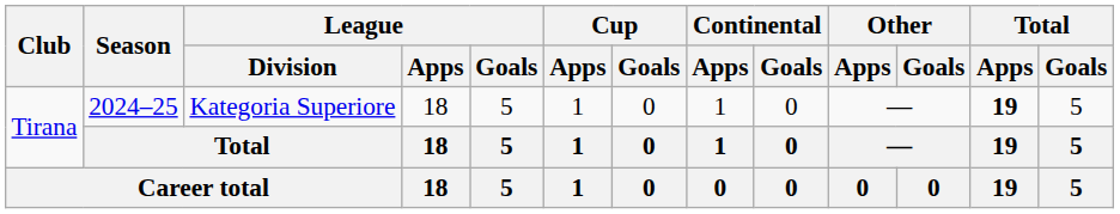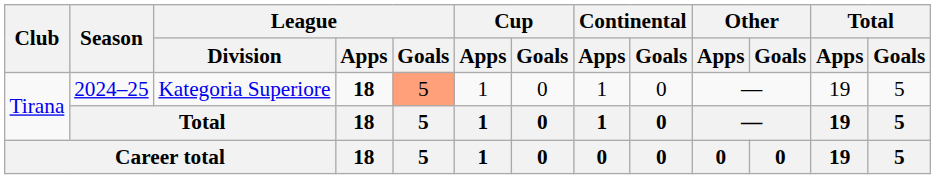 <table class="wikitable" style="text-align:center">
 <tr>
 <th rowspan="2">Club</th>
 <th rowspan="2">Season</th>
 <th colspan="3">League</th>
 <th colspan="2">Cup</th>
 <th colspan="2">Continental</th>
 <th colspan="2">Other</th>
 <th colspan="2">Total</th>
 </tr>
 <tr>
 <th>Division</th>
 <th>Apps</th>
 <th>Goals</th>
 <th>Apps</th>
 <th>Goals</th>
 <th>Apps</th>
 <th>Goals</th>
 <th>Apps</th>
 <th>Goals</th>
 <th>Apps</th>
 <th>Goals</th>
 </tr>
 <tr>
 <td rowspan="2" valign="center"><a href='#'>Tirana</a></td>
 <td><a href='#'>2024–25</a></td>
 <td rowspan="1"><a href='#'>Kategoria Superiore</a></td>
-<td>18</td>
-<td>5</td>
+<td><strong>18</strong></td>
+<td style="background: lightsalmon;">5</td>
 <td>1</td>
 <td>0</td>
 <td>1</td>
 <td>0</td>
 <td colspan="2">—</td>
-<td><strong>19</strong></td>
+<td>19</td>
 <td>5</td>
 </tr>
 <tr>
 <th colspan="2">Total</th>
 <th>18</th>
 <th>5</th>
 <th>1</th>
 <th>0</th>
 <th>1</th>
 <th>0</th>
 <th colspan="2">—</th>
 <th>19</th>
 <th>5</th>
 </tr>
 <tr>
 <th colspan="3">Career total</th>
 <th>18</th>
 <th>5</th>
 <th>1</th>
 <th>0</th>
 <th>0</th>
 <th>0</th>
 <th>0</th>
 <th>0</th>
 <th>19</th>
 <th>5</th>
 </tr>
 </table>
